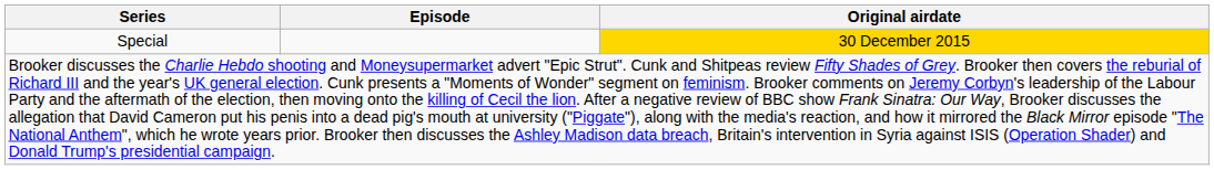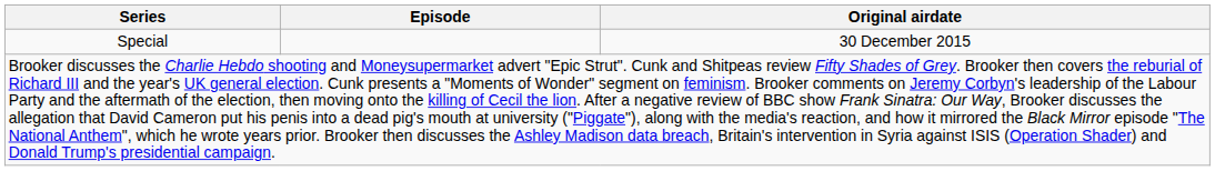 <table class="wikitable" style="text-align:center">
 <tr>
 <th>Series</th>
 <th>Episode</th>
 <th>Original airdate</th>
 </tr>
 <tr>
 <td>Special</td>
 <td></td>
-<td style="background: gold;">30 December 2015</td>
+<td>30 December 2015</td>
 </tr>
 <tr>
 <td colspan="3" align="left">Brooker discusses the <a href='#'><em>Charlie Hebdo</em> shooting</a> and <a href='#'>Moneysupermarket</a> advert "Epic Strut". Cunk and Shitpeas review <em><a href='#'>Fifty Shades of Grey</a></em>. Brooker then covers <a href='#'>the reburial of Richard III</a> and the year's <a href='#'>UK general election</a>. Cunk presents a "Moments of Wonder" segment on <a href='#'>feminism</a>. Brooker comments on <a href='#'>Jeremy Corbyn</a>'s leadership of the Labour Party and the aftermath of the election, then moving onto the <a href='#'>killing of Cecil the lion</a>. After a negative review of BBC show <em>Frank Sinatra: Our Way</em>, Brooker discusses the allegation that David Cameron put his penis into a dead pig's mouth at university ("<a href='#'>Piggate</a>"), along with the media's reaction, and how it mirrored the <em>Black Mirror</em> episode "<a href='#'>The National Anthem</a>", which he wrote years prior. Brooker then discusses the <a href='#'>Ashley Madison data breach</a>, Britain's intervention in Syria against ISIS (<a href='#'>Operation Shader</a>) and <a href='#'>Donald Trump's presidential campaign</a>.</td>
 </tr>
 </table>
